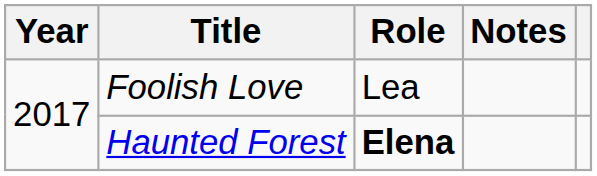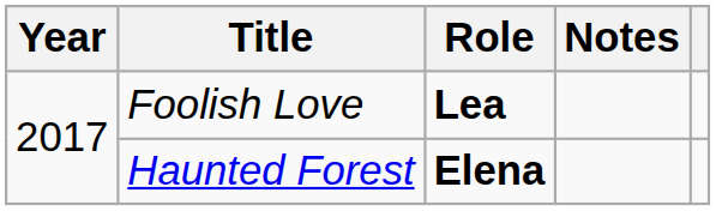 <table class="wikitable sortable">
 <tr>
 <th>Year</th>
 <th>Title</th>
 <th>Role</th>
 <th>Notes</th>
 <th></th>
 </tr>
 <tr>
 <td rowspan="2">2017</td>
 <td><em>Foolish Love</em></td>
-<td>Lea</td>
+<td><strong>Lea</strong></td>
 <td></td>
 <td></td>
 </tr>
 <tr>
 <td><em><a href='#'>Haunted Forest</a></em></td>
 <td><strong>Elena</strong></td>
 <td></td>
 <td></td>
 </tr>
 </table>
